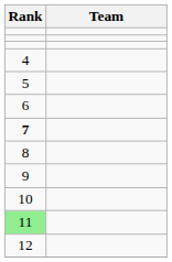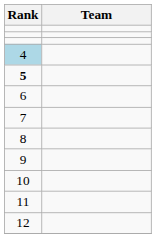 <table class=wikitable style="text-align:center;">
 <tr>
 <th>Rank</th>
 <th width=125>Team</th>
 </tr>
 <tr>
 <td></td>
 <td align=left></td>
 </tr>
 <tr>
 <td></td>
 <td align=left></td>
 </tr>
 <tr>
 <td></td>
 <td align=left></td>
 </tr>
 <tr>
-<td>4</td>
+<td style="background: lightblue;">4</td>
 <td align=left></td>
 </tr>
 <tr>
-<td>5</td>
+<td><strong>5</strong></td>
 <td align=left></td>
 </tr>
 <tr>
 <td>6</td>
 <td align=left></td>
 </tr>
 <tr>
-<td><strong>7</strong></td>
+<td>7</td>
 <td align=left></td>
 </tr>
 <tr>
 <td>8</td>
 <td align=left></td>
 </tr>
 <tr>
 <td>9</td>
 <td align=left></td>
 </tr>
 <tr>
 <td>10</td>
 <td align=left></td>
 </tr>
 <tr>
-<td style="background: lightgreen;">11</td>
+<td>11</td>
 <td align=left></td>
 </tr>
 <tr>
 <td>12</td>
 <td align=left></td>
 </tr>
 <tr>
 </tr>
 </table>
